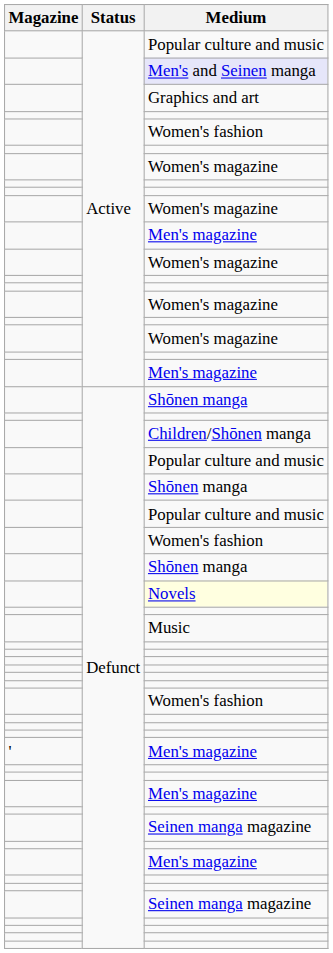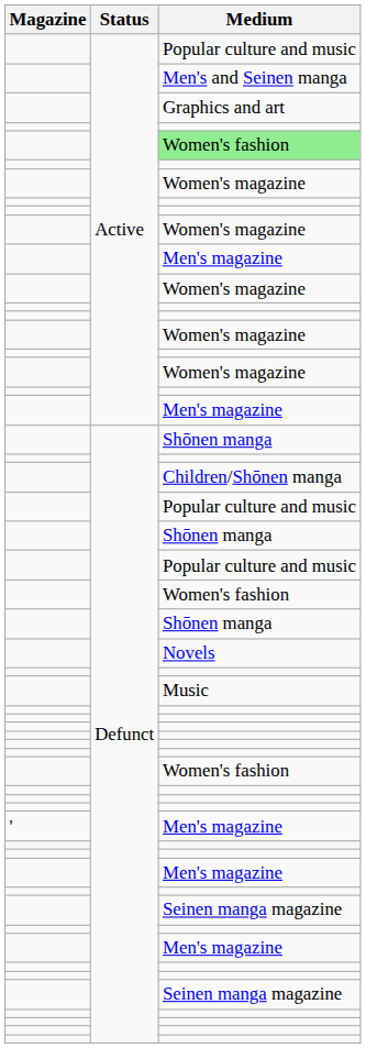 <table class="wikitable sortable">
 <tr>
 <th>Magazine</th>
 <th>Status</th>
 <th>Medium</th>
 </tr>
 <tr>
 <td></td>
 <td rowspan="19">Active</td>
 <td>Popular culture and music</td>
 </tr>
 <tr>
 <td></td>
-<td style="background: lavender;"><a href='#'>Men's</a> and <a href='#'>Seinen</a> manga</td>
+<td><a href='#'>Men's</a> and <a href='#'>Seinen</a> manga</td>
 </tr>
 <tr>
 <td></td>
 <td>Graphics and art</td>
 </tr>
 <tr>
 <td></td>
 <td></td>
 </tr>
 <tr>
 <td></td>
-<td>Women's fashion</td>
+<td style="background: lightgreen;">Women's fashion</td>
 </tr>
 <tr>
 <td></td>
 <td></td>
 </tr>
 <tr>
 <td></td>
 <td>Women's magazine</td>
 </tr>
 <tr>
 <td></td>
 <td></td>
 </tr>
 <tr>
 <td></td>
 <td></td>
 </tr>
 <tr>
 <td></td>
 <td>Women's magazine</td>
 </tr>
 <tr>
 <td></td>
 <td><a href='#'>Men's magazine</a></td>
 </tr>
 <tr>
 <td></td>
 <td>Women's magazine</td>
 </tr>
 <tr>
 <td></td>
 <td></td>
 </tr>
 <tr>
 <td></td>
 <td></td>
 </tr>
 <tr>
 <td></td>
 <td>Women's magazine</td>
 </tr>
 <tr>
 <td></td>
 <td></td>
 </tr>
 <tr>
 <td></td>
 <td>Women's magazine</td>
 </tr>
 <tr>
 <td></td>
 <td></td>
 </tr>
 <tr>
 <td></td>
 <td><a href='#'>Men's magazine</a></td>
 </tr>
 <tr>
 <td></td>
 <td rowspan="36">Defunct</td>
 <td><a href='#'>Shōnen manga</a></td>
 </tr>
 <tr>
 <td></td>
 <td></td>
 </tr>
 <tr>
 <td></td>
 <td><a href='#'>Children</a>/<a href='#'>Shōnen</a> manga</td>
 </tr>
 <tr>
 <td></td>
 <td>Popular culture and music</td>
 </tr>
 <tr>
 <td></td>
 <td><a href='#'>Shōnen</a> manga</td>
 </tr>
 <tr>
 <td></td>
 <td>Popular culture and music</td>
 </tr>
 <tr>
 <td></td>
 <td>Women's fashion</td>
 </tr>
 <tr>
 <td></td>
 <td><a href='#'>Shōnen</a> manga</td>
 </tr>
 <tr>
 <td></td>
-<td style="background: lightyellow;"><a href='#'>Novels</a></td>
+<td><a href='#'>Novels</a></td>
 </tr>
 <tr>
 <td></td>
 <td></td>
 </tr>
 <tr>
 <td></td>
 <td>Music</td>
 </tr>
 <tr>
 <td></td>
 <td></td>
 </tr>
 <tr>
 <td></td>
 <td></td>
 </tr>
 <tr>
 <td></td>
 <td></td>
 </tr>
 <tr>
 <td></td>
 <td></td>
 </tr>
 <tr>
 <td></td>
 <td></td>
 </tr>
 <tr>
 <td></td>
 <td></td>
 </tr>
 <tr>
 <td></td>
 <td>Women's fashion</td>
 </tr>
 <tr>
 <td></td>
 <td></td>
 </tr>
 <tr>
 <td></td>
 <td></td>
 </tr>
 <tr>
 <td></td>
 <td></td>
 </tr>
 <tr>
 <td>'</td>
 <td><a href='#'>Men's magazine</a></td>
 </tr>
 <tr>
 <td></td>
 <td></td>
 </tr>
 <tr>
 <td></td>
 <td></td>
 </tr>
 <tr>
 <td></td>
 <td><a href='#'>Men's magazine</a></td>
 </tr>
 <tr>
 <td></td>
 <td></td>
 </tr>
 <tr>
 <td></td>
 <td><a href='#'>Seinen manga</a> magazine</td>
 </tr>
 <tr>
 <td></td>
 <td></td>
 </tr>
 <tr>
 <td></td>
 <td><a href='#'>Men's magazine</a></td>
 </tr>
 <tr>
 <td></td>
 <td></td>
 </tr>
 <tr>
 <td></td>
 <td></td>
 </tr>
 <tr>
 <td></td>
 <td><a href='#'>Seinen manga</a> magazine</td>
 </tr>
 <tr>
 <td></td>
 <td></td>
 </tr>
 <tr>
 <td></td>
 <td></td>
 </tr>
 <tr>
 <td></td>
 <td></td>
 </tr>
 <tr>
 <td></td>
 <td></td>
 </tr>
 </table>
